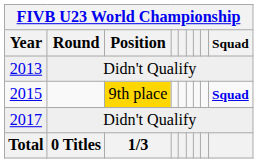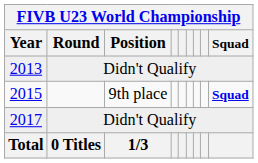 <table class="wikitable" style="text-align: center;">
 <tr>
 <th colspan=9><a href='#'>FIVB U23 World Championship</a>  </th>
 </tr>
 <tr>
 <th>Year</th>
 <th>Round</th>
 <th>Position</th>
 <th></th>
 <th></th>
 <th></th>
 <th></th>
 <th></th>
 <th><small>Squad</small></th>
 </tr>
 <tr bgcolor="efefef">
 <td> <a href='#'>2013</a></td>
 <td colspan=9>Didn't Qualify</td>
 </tr>
 <tr>
 <td> <a href='#'>2015</a></td>
 <td></td>
-<td style="background: gold;">9th place</td>
+<td>9th place</td>
 <td></td>
 <td></td>
 <td></td>
 <td></td>
 <td></td>
 <td><strong><small><a href='#'>Squad</a></small></strong></td>
 </tr>
 <tr bgcolor="efefef">
 <td> <a href='#'>2017</a></td>
 <td colspan=9>Didn't Qualify</td>
 </tr>
 <tr>
 <th>Total</th>
 <th>0 Titles</th>
 <th>1/3</th>
 <th></th>
 <th></th>
 <th></th>
 <th></th>
 <th></th>
 <th></th>
 </tr>
 </table>
